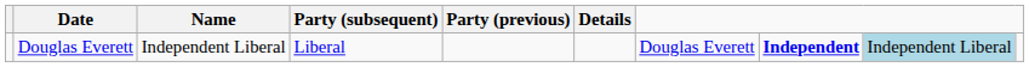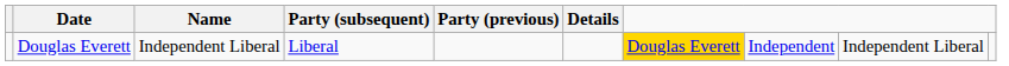 <table class="sortable wikitable">
 <tr>
 <th class="unsortable"></th>
 <th>Date</th>
 <th>Name</th>
 <th>Party (subsequent)</th>
 <th>Party (previous)</th>
 <th>Details</th>
 </tr>
 <tr>
 <td></td>
 <td><a href='#'>Douglas Everett</a></td>
 <td>Independent Liberal</td>
 <td><a href='#'>Liberal</a></td>
 <td><br></td>
 <td></td>
-<td><a href='#'>Douglas Everett</a></td>
-<td><strong><a href='#'>Independent</a></strong></td>
-<td style="background: lightblue;">Independent Liberal</td>
+<td style="background: gold;"><a href='#'>Douglas Everett</a></td>
+<td><a href='#'>Independent</a></td>
+<td>Independent Liberal</td>
 <td></td>
 </tr>
 </table>
